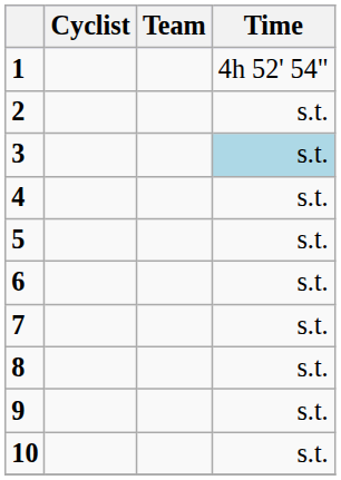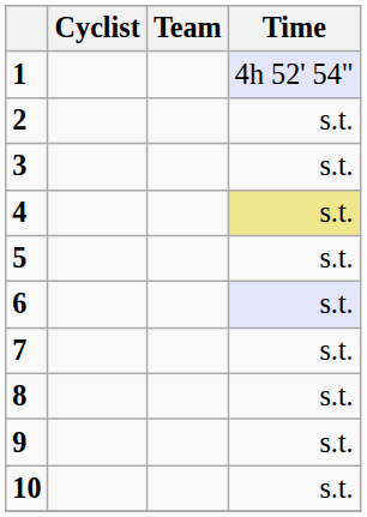 <table class="wikitable">
 <tr style="background:#ccccff;">
 <th></th>
 <th>Cyclist</th>
 <th>Team</th>
 <th>Time</th>
 </tr>
 <tr>
 <td><strong>1</strong></td>
 <td><strong></strong></td>
 <td><strong></strong></td>
-<td align=right>4h 52' 54"</td>
+<td align=right style="background: lavender;">4h 52' 54"</td>
 </tr>
 <tr>
 <td><strong>2</strong></td>
 <td></td>
 <td></td>
 <td align=right>s.t.</td>
 </tr>
 <tr>
 <td><strong>3</strong></td>
 <td></td>
 <td></td>
-<td align=right style="background: lightblue;">s.t.</td>
+<td align=right>s.t.</td>
 </tr>
 <tr>
 <td><strong>4</strong></td>
 <td></td>
 <td></td>
-<td align=right>s.t.</td>
+<td align=right style="background: khaki;">s.t.</td>
 </tr>
 <tr>
 <td><strong>5</strong></td>
 <td></td>
 <td></td>
 <td align=right>s.t.</td>
 </tr>
 <tr>
 <td><strong>6</strong></td>
 <td></td>
 <td></td>
-<td align=right>s.t.</td>
+<td align=right style="background: lavender;">s.t.</td>
 </tr>
 <tr>
 <td><strong>7</strong></td>
 <td></td>
 <td></td>
 <td align=right>s.t.</td>
 </tr>
 <tr>
 <td><strong>8</strong></td>
 <td></td>
 <td></td>
 <td align=right>s.t.</td>
 </tr>
 <tr>
 <td><strong>9</strong></td>
 <td></td>
 <td></td>
 <td align=right>s.t.</td>
 </tr>
 <tr>
 <td><strong>10</strong></td>
 <td></td>
 <td></td>
 <td align=right>s.t.</td>
 </tr>
 <tr>
 </tr>
 </table>
